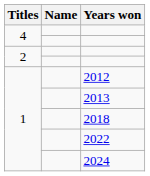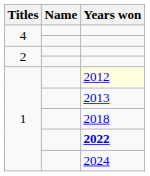 <table class="wikitable style="font-size:100%; text-align: left; width:70%">
 <tr>
 <th>Titles</th>
 <th>Name</th>
 <th>Years won</th>
 </tr>
 <tr>
 <td rowspan=2 align=center>4</td>
 <td></td>
 <td></td>
 </tr>
 <tr>
 <td></td>
 <td></td>
 </tr>
 <tr>
 <td rowspan=2 align=center>2</td>
 <td></td>
 <td></td>
 </tr>
 <tr>
 <td></td>
 <td></td>
 </tr>
 <tr>
 <td rowspan=5 align=center>1</td>
 <td></td>
-<td><a href='#'>2012</a></td>
+<td style="background: lightyellow;"><a href='#'>2012</a></td>
 </tr>
 <tr>
 <td></td>
 <td><a href='#'>2013</a></td>
 </tr>
 <tr>
 <td></td>
 <td><a href='#'>2018</a></td>
 </tr>
 <tr>
 <td></td>
-<td><a href='#'>2022</a></td>
+<td><strong><a href='#'>2022</a></strong></td>
 </tr>
 <tr>
 <td></td>
 <td><a href='#'>2024</a></td>
 </tr>
 </table>
